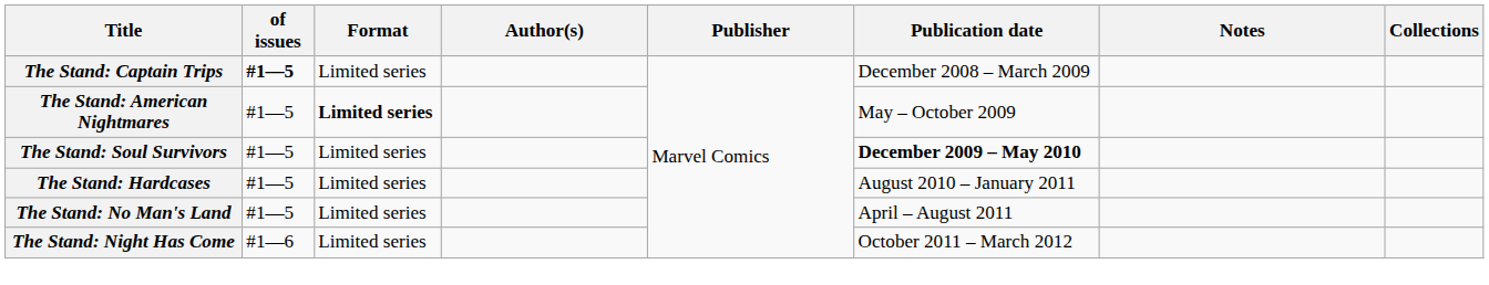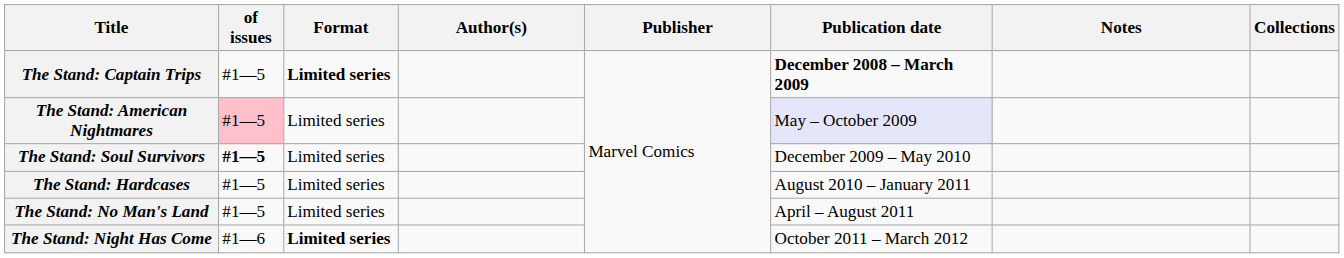 <table class="wikitable">
 <tr>
 <th>Title</th>
 <th style="width:40pt"> of issues</th>
 <th style="width:75pt">Format</th>
 <th style="width:125pt">Author(s)</th>
 <th style="width:125pt">Publisher</th>
 <th style="width:150pt">Publication date</th>
 <th style="width:175pt">Notes</th>
 <th>Collections</th>
 </tr>
 <tr>
 <th><em>The Stand: Captain Trips</em></th>
-<td><strong>#1—5</strong></td>
-<td>Limited series</td>
+<td>#1—5</td>
+<td><strong>Limited series</strong></td>
 <td></td>
 <td rowspan="6">Marvel Comics</td>
-<td>December 2008 – March 2009</td>
+<td><strong>December 2008 – March 2009</strong></td>
 <td></td>
 <td></td>
 </tr>
 <tr>
 <th><em>The Stand: American Nightmares</em></th>
-<td>#1—5</td>
-<td><strong>Limited series</strong></td>
+<td style="background: pink;">#1—5</td>
+<td>Limited series</td>
 <td></td>
-<td>May – October 2009</td>
+<td style="background: lavender;">May – October 2009</td>
 <td></td>
 <td></td>
 </tr>
 <tr>
 <th><em>The Stand: Soul Survivors</em></th>
-<td>#1—5</td>
+<td><strong>#1—5</strong></td>
 <td>Limited series</td>
 <td></td>
-<td><strong>December 2009 – May 2010</strong></td>
+<td>December 2009 – May 2010</td>
 <td></td>
 <td></td>
 </tr>
 <tr>
 <th><em>The Stand: Hardcases</em></th>
 <td>#1—5</td>
 <td>Limited series</td>
 <td></td>
 <td>August 2010 – January 2011</td>
 <td></td>
 <td></td>
 </tr>
 <tr>
 <th><em>The Stand: No Man's Land</em></th>
 <td>#1—5</td>
 <td>Limited series</td>
 <td></td>
 <td>April – August 2011</td>
 <td></td>
 <td></td>
 </tr>
 <tr>
 <th><em>The Stand: Night Has Come</em></th>
 <td>#1—6</td>
-<td>Limited series</td>
+<td><strong>Limited series</strong></td>
 <td></td>
 <td>October 2011 – March 2012</td>
 <td></td>
 <td></td>
 </tr>
 </table>
